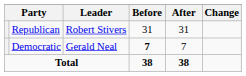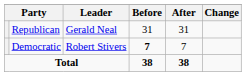 <table class="wikitable" style="text-align:center;">
 <tr>
 </tr>
 <tr>
 <th colspan="2">Party</th>
 <th>Leader</th>
 <th style="width:3em">Before</th>
 <th style="width:3em">After</th>
 <th style="width:3em">Change</th>
 </tr>
 <tr>
 <th style="background-color:"></th>
 <td style="text-align:left;"><a href='#'>Republican</a></td>
-<td style="text-align:left;"><a href='#'>Robert Stivers</a></td>
+<td style="text-align:left;"><a href='#'>Gerald Neal</a></td>
 <td>31</td>
 <td>31</td>
 <td></td>
 </tr>
 <tr>
 <th style="background-color:"></th>
 <td style="text-align:left;"><a href='#'>Democratic</a></td>
-<td style="text-align:left;"><a href='#'>Gerald Neal</a></td>
+<td style="text-align:left;"><a href='#'>Robert Stivers</a></td>
 <td><strong>7</strong></td>
 <td>7</td>
 <td></td>
 </tr>
 <tr>
 <td colspan="3"><strong>Total</strong></td>
 <td><strong>38</strong></td>
 <td><strong>38</strong></td>
 <td></td>
 </tr>
 </table>
